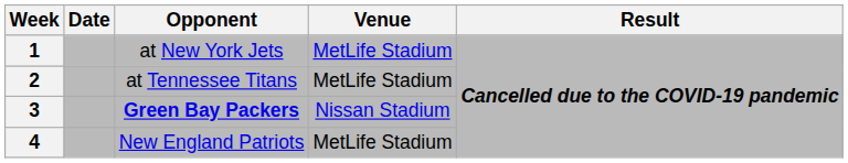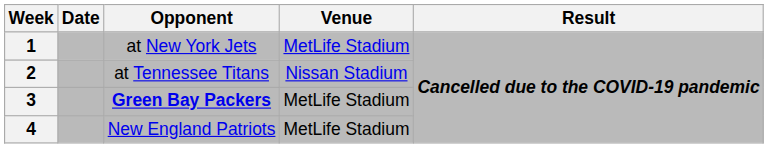 <table class="wikitable" style="text-align:center">
 <tr>
 <th>Week</th>
 <th>Date</th>
 <th>Opponent</th>
 <th>Venue</th>
 <th>Result</th>
 </tr>
 <tr style="background:#bababa">
 <th>1</th>
 <td></td>
 <td>at <a href='#'>New York Jets</a></td>
 <td><a href='#'>MetLife Stadium</a></td>
 <td rowspan="4"><strong><em>Cancelled due to the COVID-19 pandemic</em></strong></td>
 </tr>
 <tr style="background:#bababa">
 <th>2</th>
 <td></td>
 <td>at <a href='#'>Tennessee Titans</a></td>
-<td>MetLife Stadium</td>
+<td><a href='#'>Nissan Stadium</a></td>
 </tr>
 <tr style="background:#bababa">
 <th>3</th>
 <td></td>
 <td><strong><a href='#'>Green Bay Packers</a></strong></td>
-<td><a href='#'>Nissan Stadium</a></td>
+<td>MetLife Stadium</td>
 </tr>
 <tr style="background:#bababa">
 <th>4</th>
 <td></td>
 <td><a href='#'>New England Patriots</a></td>
 <td>MetLife Stadium</td>
 </tr>
 </table>
